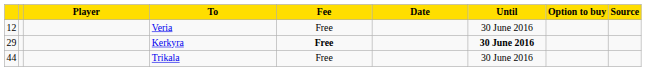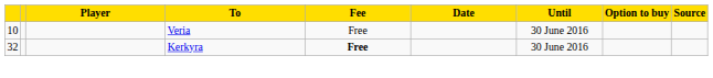 <table class="wikitable sortable">
 <tr>
 <th style="background:#FFDE00"></th>
 <th style="background:#FFDE00"></th>
 <th width=200 style="background:#FFDE00">Player</th>
 <th width=200 style="background:#FFDE00">To</th>
 <th width=150 style="background:#FFDE00">Fee</th>
 <th width=150 style="background:#FFDE00">Date</th>
 <th width=120 style="background:#FFDE00">Until</th>
 <th style="background:#FFDE00">Option to buy</th>
 <th style="background:#FFDE00">Source</th>
 </tr>
 <tr>
-<td align=center>12</td>
+<td align=center>10</td>
 <td align=center></td>
 <td></td>
 <td> <a href='#'>Veria</a></td>
 <td align=center>Free</td>
 <td align=center></td>
 <td align=center>30 June 2016</td>
 <td align=center></td>
 <td align=center></td>
 </tr>
 <tr>
-<td align=center>29</td>
+<td align=center>32</td>
 <td align=center></td>
 <td></td>
 <td> <a href='#'>Kerkyra</a></td>
 <td align=center><strong>Free</strong></td>
-<td align=center></td>
-<td align=center><strong>30 June 2016</strong></td>
-<td align=center></td>
-<td align=center></td>
-</tr>
-<tr>
-<td align=center>44</td>
-<td align=center></td>
-<td></td>
-<td> <a href='#'>Trikala</a></td>
-<td align=center>Free</td>
 <td align=center></td>
 <td align=center>30 June 2016</td>
 <td align=center></td>
 <td align=center></td>
 </tr>
 </table>
